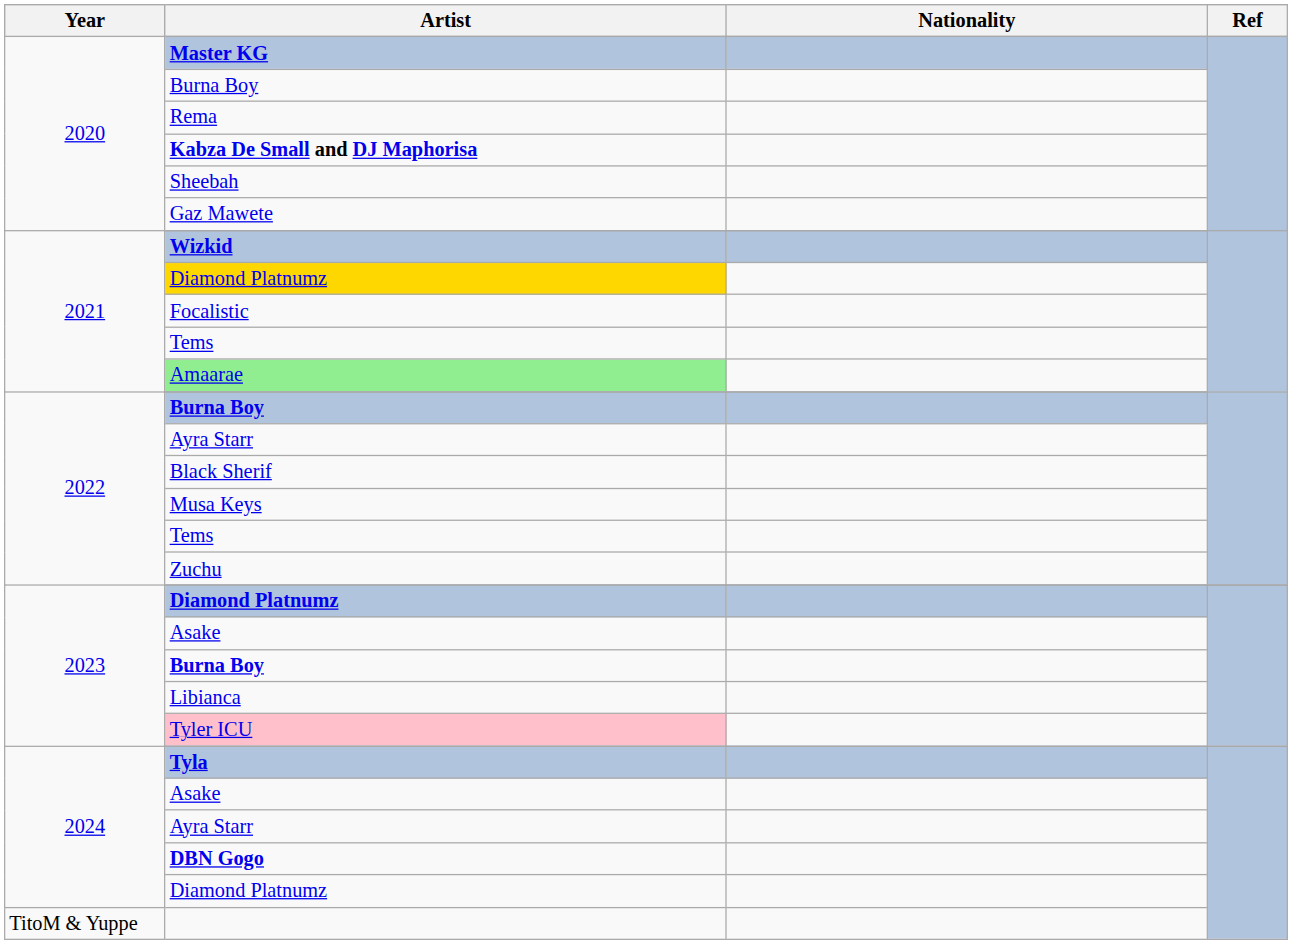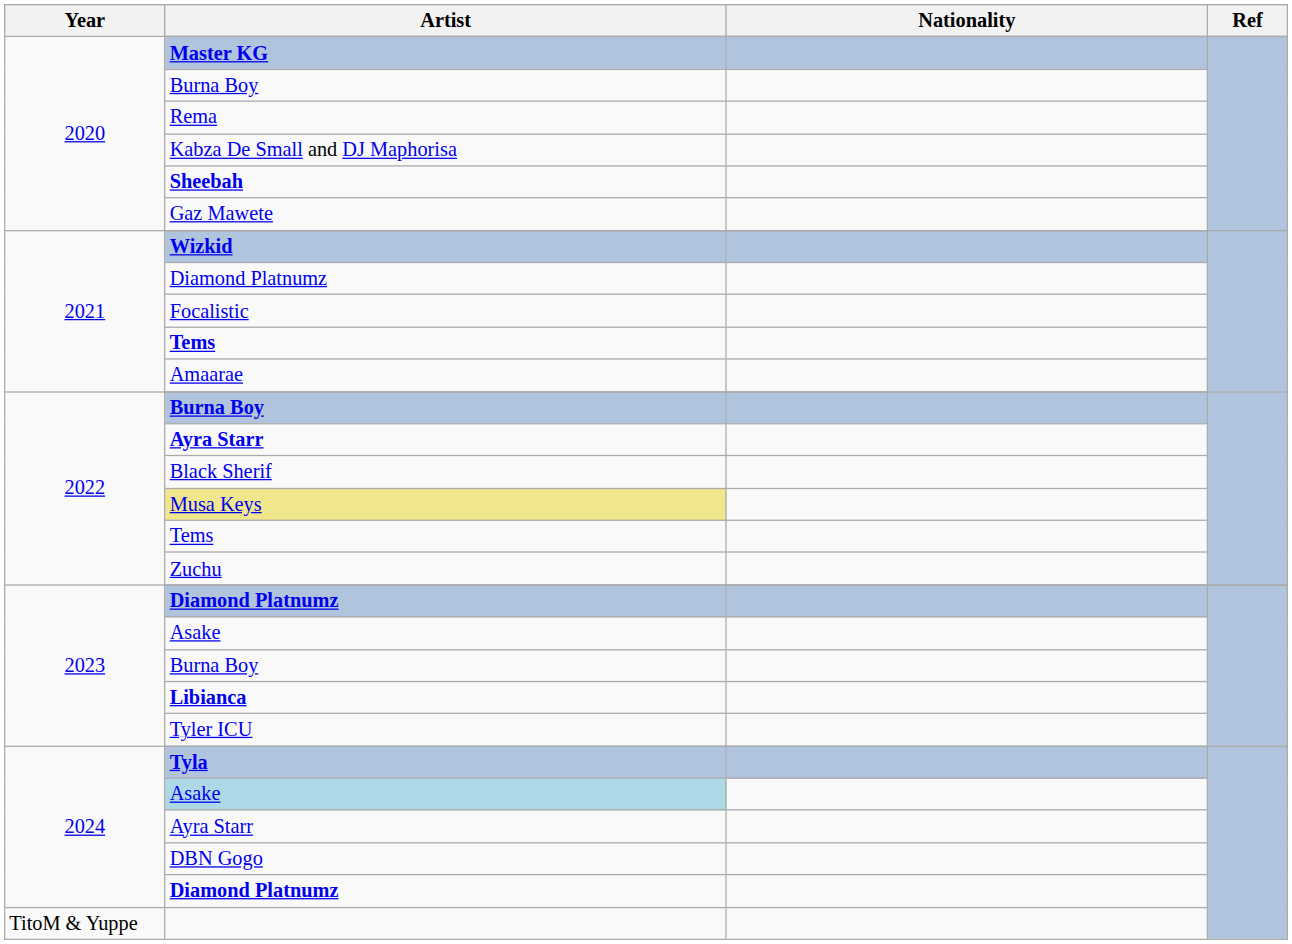 <table class="wikitable" style="width:80%;">
 <tr style="background:#bebebe;">
 <th style="width:10%;">Year</th>
 <th style="width:35%;">Artist</th>
 <th style="width:30%;">Nationality</th>
 <th style="width:5%;">Ref</th>
 </tr>
 <tr>
 <td rowspan="7" align="center"><a href='#'>2020</a></td>
 </tr>
 <tr style="background:#B0C4DE">
 <td><strong><a href='#'>Master KG</a></strong></td>
 <td><strong></strong></td>
 <td rowspan="7" align="center"></td>
 </tr>
 <tr>
 <td><a href='#'>Burna Boy</a></td>
 <td></td>
 </tr>
 <tr>
 <td><a href='#'>Rema</a></td>
 <td></td>
 </tr>
 <tr>
-<td><strong><a href='#'>Kabza De Small</a> and <a href='#'>DJ Maphorisa</a></strong></td>
+<td><a href='#'>Kabza De Small</a> and <a href='#'>DJ Maphorisa</a></td>
 <td></td>
 </tr>
 <tr>
-<td><a href='#'>Sheebah</a></td>
+<td><strong><a href='#'>Sheebah</a></strong></td>
 <td></td>
 </tr>
 <tr>
 <td><a href='#'>Gaz Mawete</a></td>
 <td></td>
 </tr>
 <tr>
 <td rowspan="6" align="center"><a href='#'>2021</a></td>
 </tr>
 <tr style="background:#B0C4DE">
 <td><strong><a href='#'>Wizkid</a></strong></td>
 <td></td>
 <td rowspan="6" align="center"></td>
 </tr>
 <tr>
-<td style="background: gold;"><a href='#'>Diamond Platnumz</a></td>
+<td><a href='#'>Diamond Platnumz</a></td>
 <td></td>
 </tr>
 <tr>
 <td><a href='#'>Focalistic</a></td>
 <td></td>
 </tr>
 <tr>
-<td><a href='#'>Tems</a></td>
+<td><strong><a href='#'>Tems</a></strong></td>
 <td></td>
 </tr>
 <tr>
-<td style="background: lightgreen;"><a href='#'>Amaarae</a></td>
+<td><a href='#'>Amaarae</a></td>
 <td></td>
 </tr>
 <tr>
 <td rowspan="7" align="center"><a href='#'>2022</a></td>
 </tr>
 <tr style="background:#B0C4DE">
 <td><strong><a href='#'>Burna Boy</a></strong></td>
 <td></td>
 <td rowspan="6" align="center"></td>
 </tr>
 <tr>
-<td><a href='#'>Ayra Starr</a></td>
+<td><strong><a href='#'>Ayra Starr</a></strong></td>
 <td></td>
 </tr>
 <tr>
 <td><a href='#'>Black Sherif</a></td>
 <td></td>
 </tr>
 <tr>
-<td><a href='#'>Musa Keys</a></td>
+<td style="background: khaki;"><a href='#'>Musa Keys</a></td>
 <td></td>
 </tr>
 <tr>
 <td><a href='#'>Tems</a></td>
 <td></td>
 </tr>
 <tr>
 <td><a href='#'>Zuchu</a></td>
 <td></td>
 </tr>
 <tr>
 <td rowspan="6" align="center"><a href='#'>2023</a></td>
 </tr>
 <tr style="background:#B0C4DE">
 <td><strong><a href='#'>Diamond Platnumz</a></strong></td>
 <td><strong></strong></td>
 <td rowspan="6" align="center"></td>
 </tr>
 <tr>
 <td><a href='#'>Asake</a></td>
 <td></td>
 </tr>
 <tr>
-<td><strong><a href='#'>Burna Boy</a></strong></td>
+<td><a href='#'>Burna Boy</a></td>
 <td></td>
 </tr>
 <tr>
-<td><a href='#'>Libianca</a></td>
+<td><strong><a href='#'>Libianca</a></strong></td>
 <td></td>
 </tr>
 <tr>
-<td style="background: pink;"><a href='#'>Tyler ICU</a></td>
+<td><a href='#'>Tyler ICU</a></td>
 <td></td>
 </tr>
 <tr>
 <td rowspan="7" align="center"><a href='#'>2024</a></td>
 </tr>
 <tr>
 </tr>
 <tr style="background:#B0C4DE">
 <td><strong><a href='#'>Tyla</a></strong></td>
 <td><strong></strong></td>
 <td rowspan="6" align="center"></td>
 </tr>
 <tr>
-<td><a href='#'>Asake</a></td>
+<td style="background: lightblue;"><a href='#'>Asake</a></td>
 <td></td>
 </tr>
 <tr>
 <td><a href='#'>Ayra Starr</a></td>
 <td></td>
 </tr>
 <tr>
-<td><strong><a href='#'>DBN Gogo</a></strong></td>
+<td><a href='#'>DBN Gogo</a></td>
 <td></td>
 </tr>
 <tr>
-<td><a href='#'>Diamond Platnumz</a></td>
+<td><strong><a href='#'>Diamond Platnumz</a></strong></td>
 <td></td>
 </tr>
 <tr>
 <td>TitoM & Yuppe</td>
 <td></td>
 </tr>
 </table>
